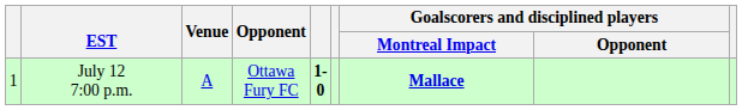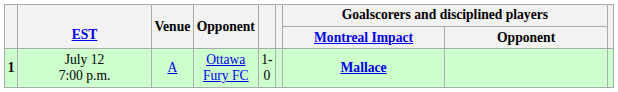 <table class="wikitable" Style="text-align: center;font-size:85%">
 <tr>
 <th rowspan="2"></th>
 <th rowspan="2" style="width:130px"><br><a href='#'>EST</a></th>
 <th rowspan="2">Venue</th>
 <th rowspan="2">Opponent</th>
 <th rowspan="2"><br></th>
 <th rowspan="2"></th>
 <th colspan="2">Goalscorers and disciplined players</th>
 <th rowspan="2"></th>
 </tr>
 <tr>
 <th style="width:160px"><a href='#'>Montreal Impact</a></th>
 <th style="width:160px">Opponent</th>
 </tr>
 <tr style="background:#cfc">
-<td>1</td>
+<td><strong>1</strong></td>
 <td>July 12<br>7:00 p.m.</td>
 <td><a href='#'>A</a></td>
 <td><a href='#'>Ottawa Fury FC</a></td>
-<td><strong>1-0</strong></td>
+<td>1-0</td>
 <td></td>
 <td><strong><a href='#'>Mallace</a> </strong></td>
 <td></td>
 <td></td>
 </tr>
 </table>
